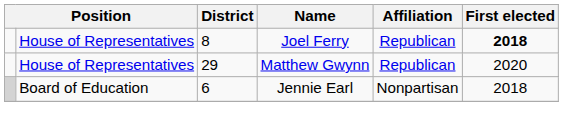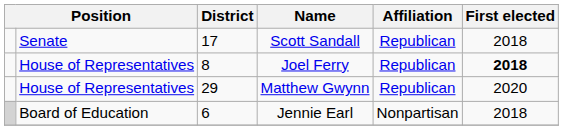 <table class="wikitable">
 <tr>
 <th colspan="2" style="text-align:center; vertical-align:bottom;">Position</th>
 <th>District</th>
 <th style="text-align:center;">Name</th>
 <th valign="bottom">Affiliation</th>
 <th style="vertical-align:bottom; text-align:center;">First elected</th>
+</tr>
+<tr>
+<td style="background-color:"> </td>
+<td><a href='#'>Senate</a></td>
+<td>17</td>
+<td style="text-align:center;"><a href='#'>Scott Sandall</a></td>
+<td style="text-align:center;"><a href='#'>Republican</a></td>
+<td style="text-align:center;">2018</td>
 </tr>
 <tr>
 <td style="background-color:"> </td>
 <td><a href='#'>House of Representatives</a></td>
 <td>8</td>
 <td style="text-align:center;"><a href='#'>Joel Ferry</a></td>
 <td style="text-align:center;"><a href='#'>Republican</a></td>
 <td style="text-align:center;"><strong>2018</strong></td>
 </tr>
 <tr>
 <td style="background-color:"> </td>
 <td><a href='#'>House of Representatives</a></td>
 <td>29</td>
 <td style="text-align:center;"><a href='#'>Matthew Gwynn</a></td>
 <td style="text-align:center;"><a href='#'>Republican</a></td>
 <td style="text-align:center;">2020</td>
 </tr>
 <tr>
 <td style="background-color:lightgrey"> </td>
 <td>Board of Education</td>
 <td>6</td>
 <td style="text-align:center;">Jennie Earl</td>
 <td style="text-align:center;">Nonpartisan</td>
 <td style="text-align:center;">2018</td>
 </tr>
 <tr>
 </tr>
 </table>
